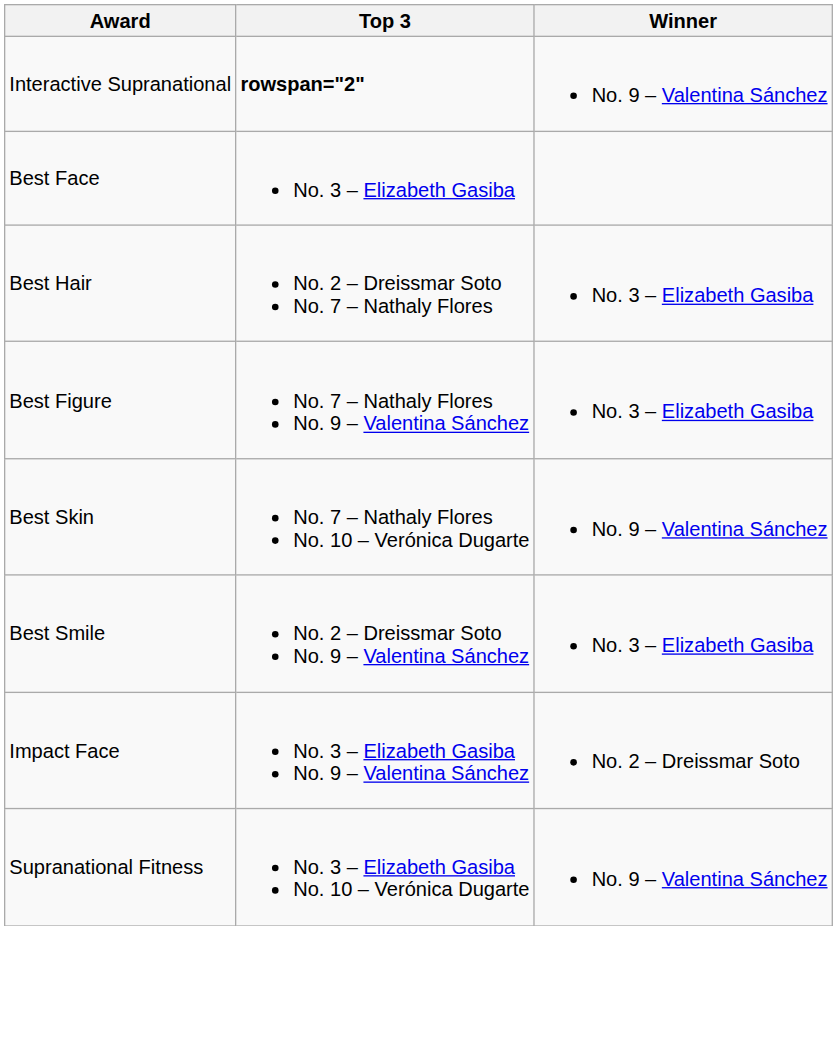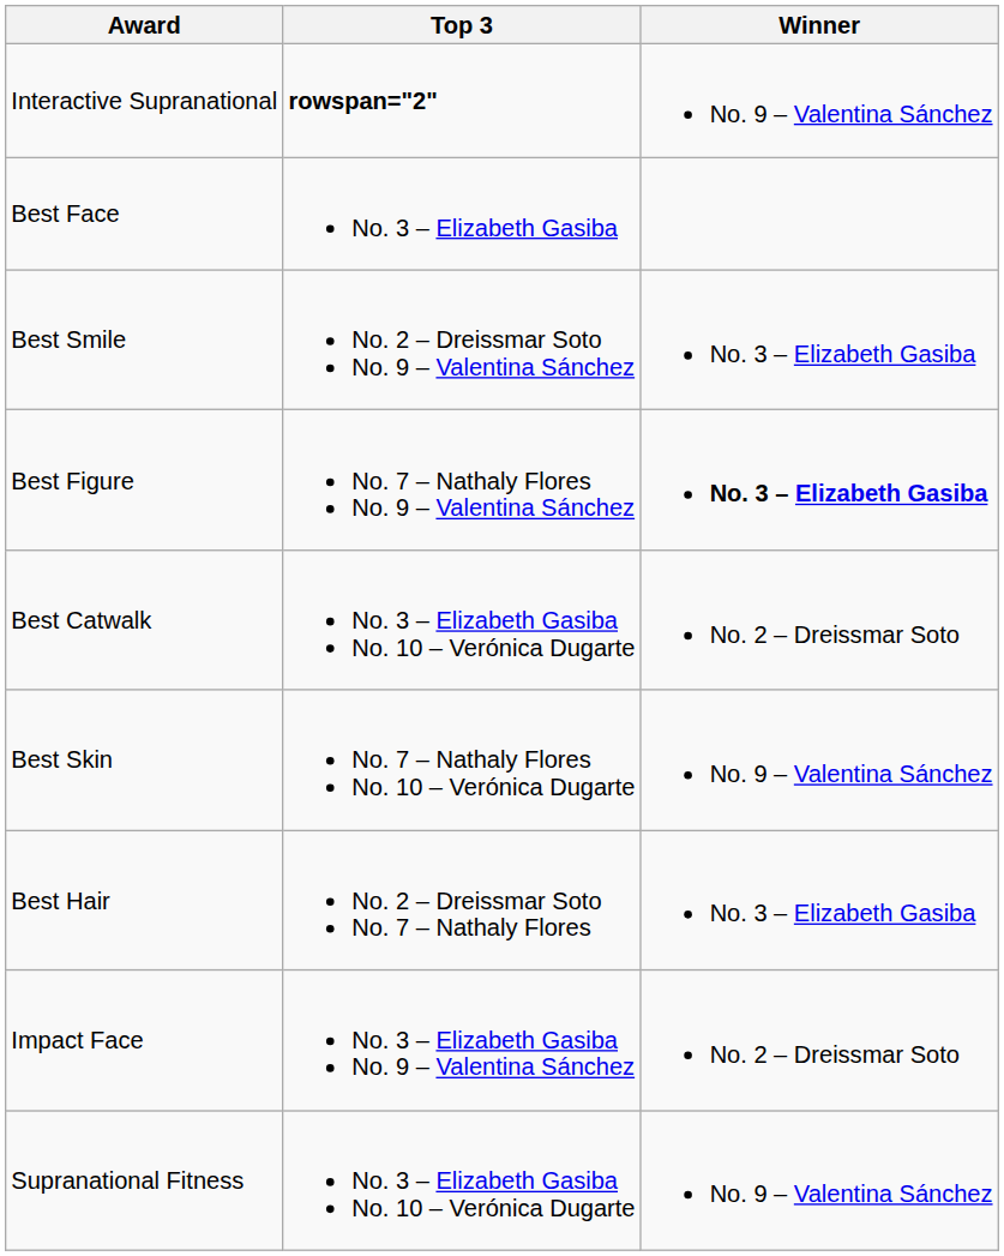 <table class="wikitable sortable" style="font-size: 95%;">
 <tr>
 <th>Award</th>
 <th>Top 3</th>
 <th>Winner</th>
 </tr>
 <tr>
 <td>Interactive Supranational</td>
 <td><strong>rowspan="2" </strong></td>
 <td><br><ul><li>No. 9 – <a href='#'>Valentina Sánchez</a></li></ul></td>
 </tr>
 <tr>
 <td>Best Face</td>
 <td><br><ul><li>No. 3 – <a href='#'>Elizabeth Gasiba</a></li></ul></td>
 </tr>
 <tr>
-<td>Best Hair</td>
-<td><br><ul><li>No. 2 – Dreissmar Soto</li><li>No. 7 – Nathaly Flores</li></ul></td>
+<td>Best Smile</td>
+<td><br><ul><li>No. 2 – Dreissmar Soto</li><li>No. 9 – <a href='#'>Valentina Sánchez</a></li></ul></td>
 <td><br><ul><li>No. 3 – <a href='#'>Elizabeth Gasiba</a></li></ul></td>
 </tr>
 <tr>
 <td>Best Figure</td>
 <td><br><ul><li>No. 7 – Nathaly Flores</li><li>No. 9 – <a href='#'>Valentina Sánchez</a></li></ul></td>
-<td><br><ul><li>No. 3 – <a href='#'>Elizabeth Gasiba</a></li></ul></td>
+<td><strong><br><ul><li>No. 3 – <a href='#'>Elizabeth Gasiba</a></li></ul></strong></td>
+</tr>
+<tr>
+<td>Best Catwalk</td>
+<td><br><ul><li>No. 3 – <a href='#'>Elizabeth Gasiba</a></li><li>No. 10 – Verónica Dugarte</li></ul></td>
+<td><br><ul><li>No. 2 – Dreissmar Soto</li></ul></td>
 </tr>
 <tr>
 <td>Best Skin</td>
 <td><br><ul><li>No. 7 – Nathaly Flores</li><li>No. 10 – Verónica Dugarte</li></ul></td>
 <td><br><ul><li>No. 9 – <a href='#'>Valentina Sánchez</a></li></ul></td>
 </tr>
 <tr>
-<td>Best Smile</td>
-<td><br><ul><li>No. 2 – Dreissmar Soto</li><li>No. 9 – <a href='#'>Valentina Sánchez</a></li></ul></td>
+<td>Best Hair</td>
+<td><br><ul><li>No. 2 – Dreissmar Soto</li><li>No. 7 – Nathaly Flores</li></ul></td>
 <td><br><ul><li>No. 3 – <a href='#'>Elizabeth Gasiba</a></li></ul></td>
 </tr>
 <tr>
 <td>Impact Face</td>
 <td><br><ul><li>No. 3 – <a href='#'>Elizabeth Gasiba</a></li><li>No. 9 – <a href='#'>Valentina Sánchez</a></li></ul></td>
 <td><br><ul><li>No. 2 – Dreissmar Soto</li></ul></td>
 </tr>
 <tr>
 <td>Supranational Fitness</td>
 <td><br><ul><li>No. 3 – <a href='#'>Elizabeth Gasiba</a></li><li>No. 10 – Verónica Dugarte</li></ul></td>
 <td><br><ul><li>No. 9 – <a href='#'>Valentina Sánchez</a></li></ul></td>
 </tr>
 </table>
